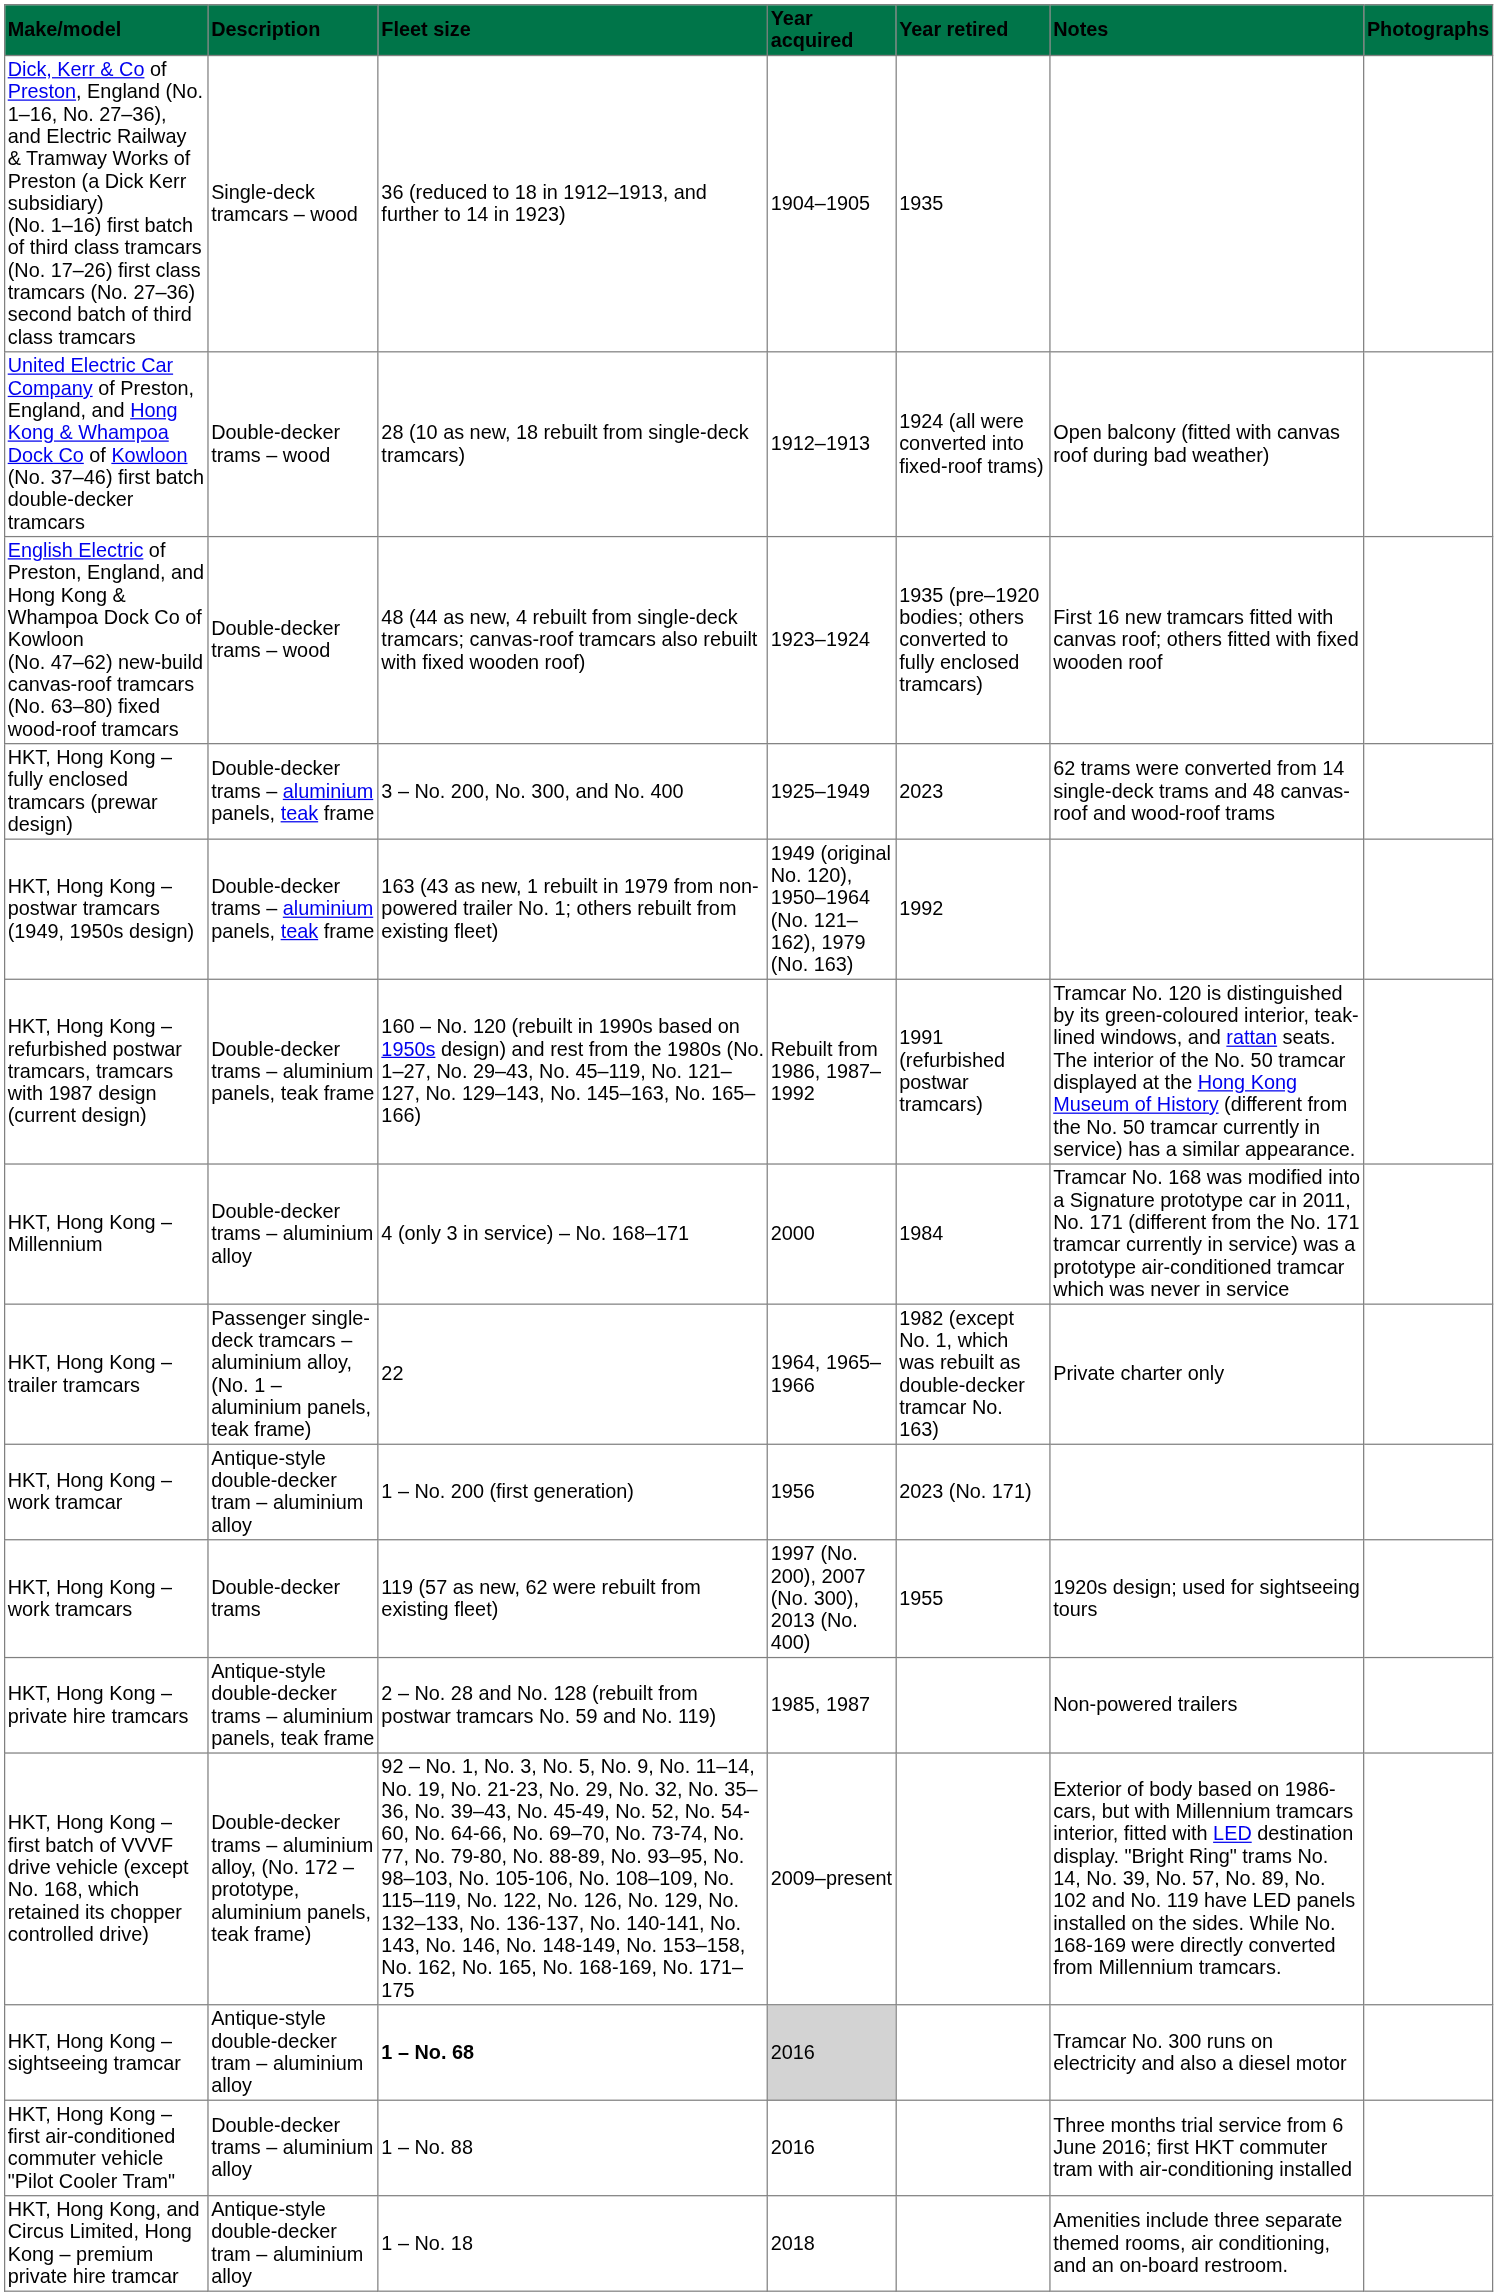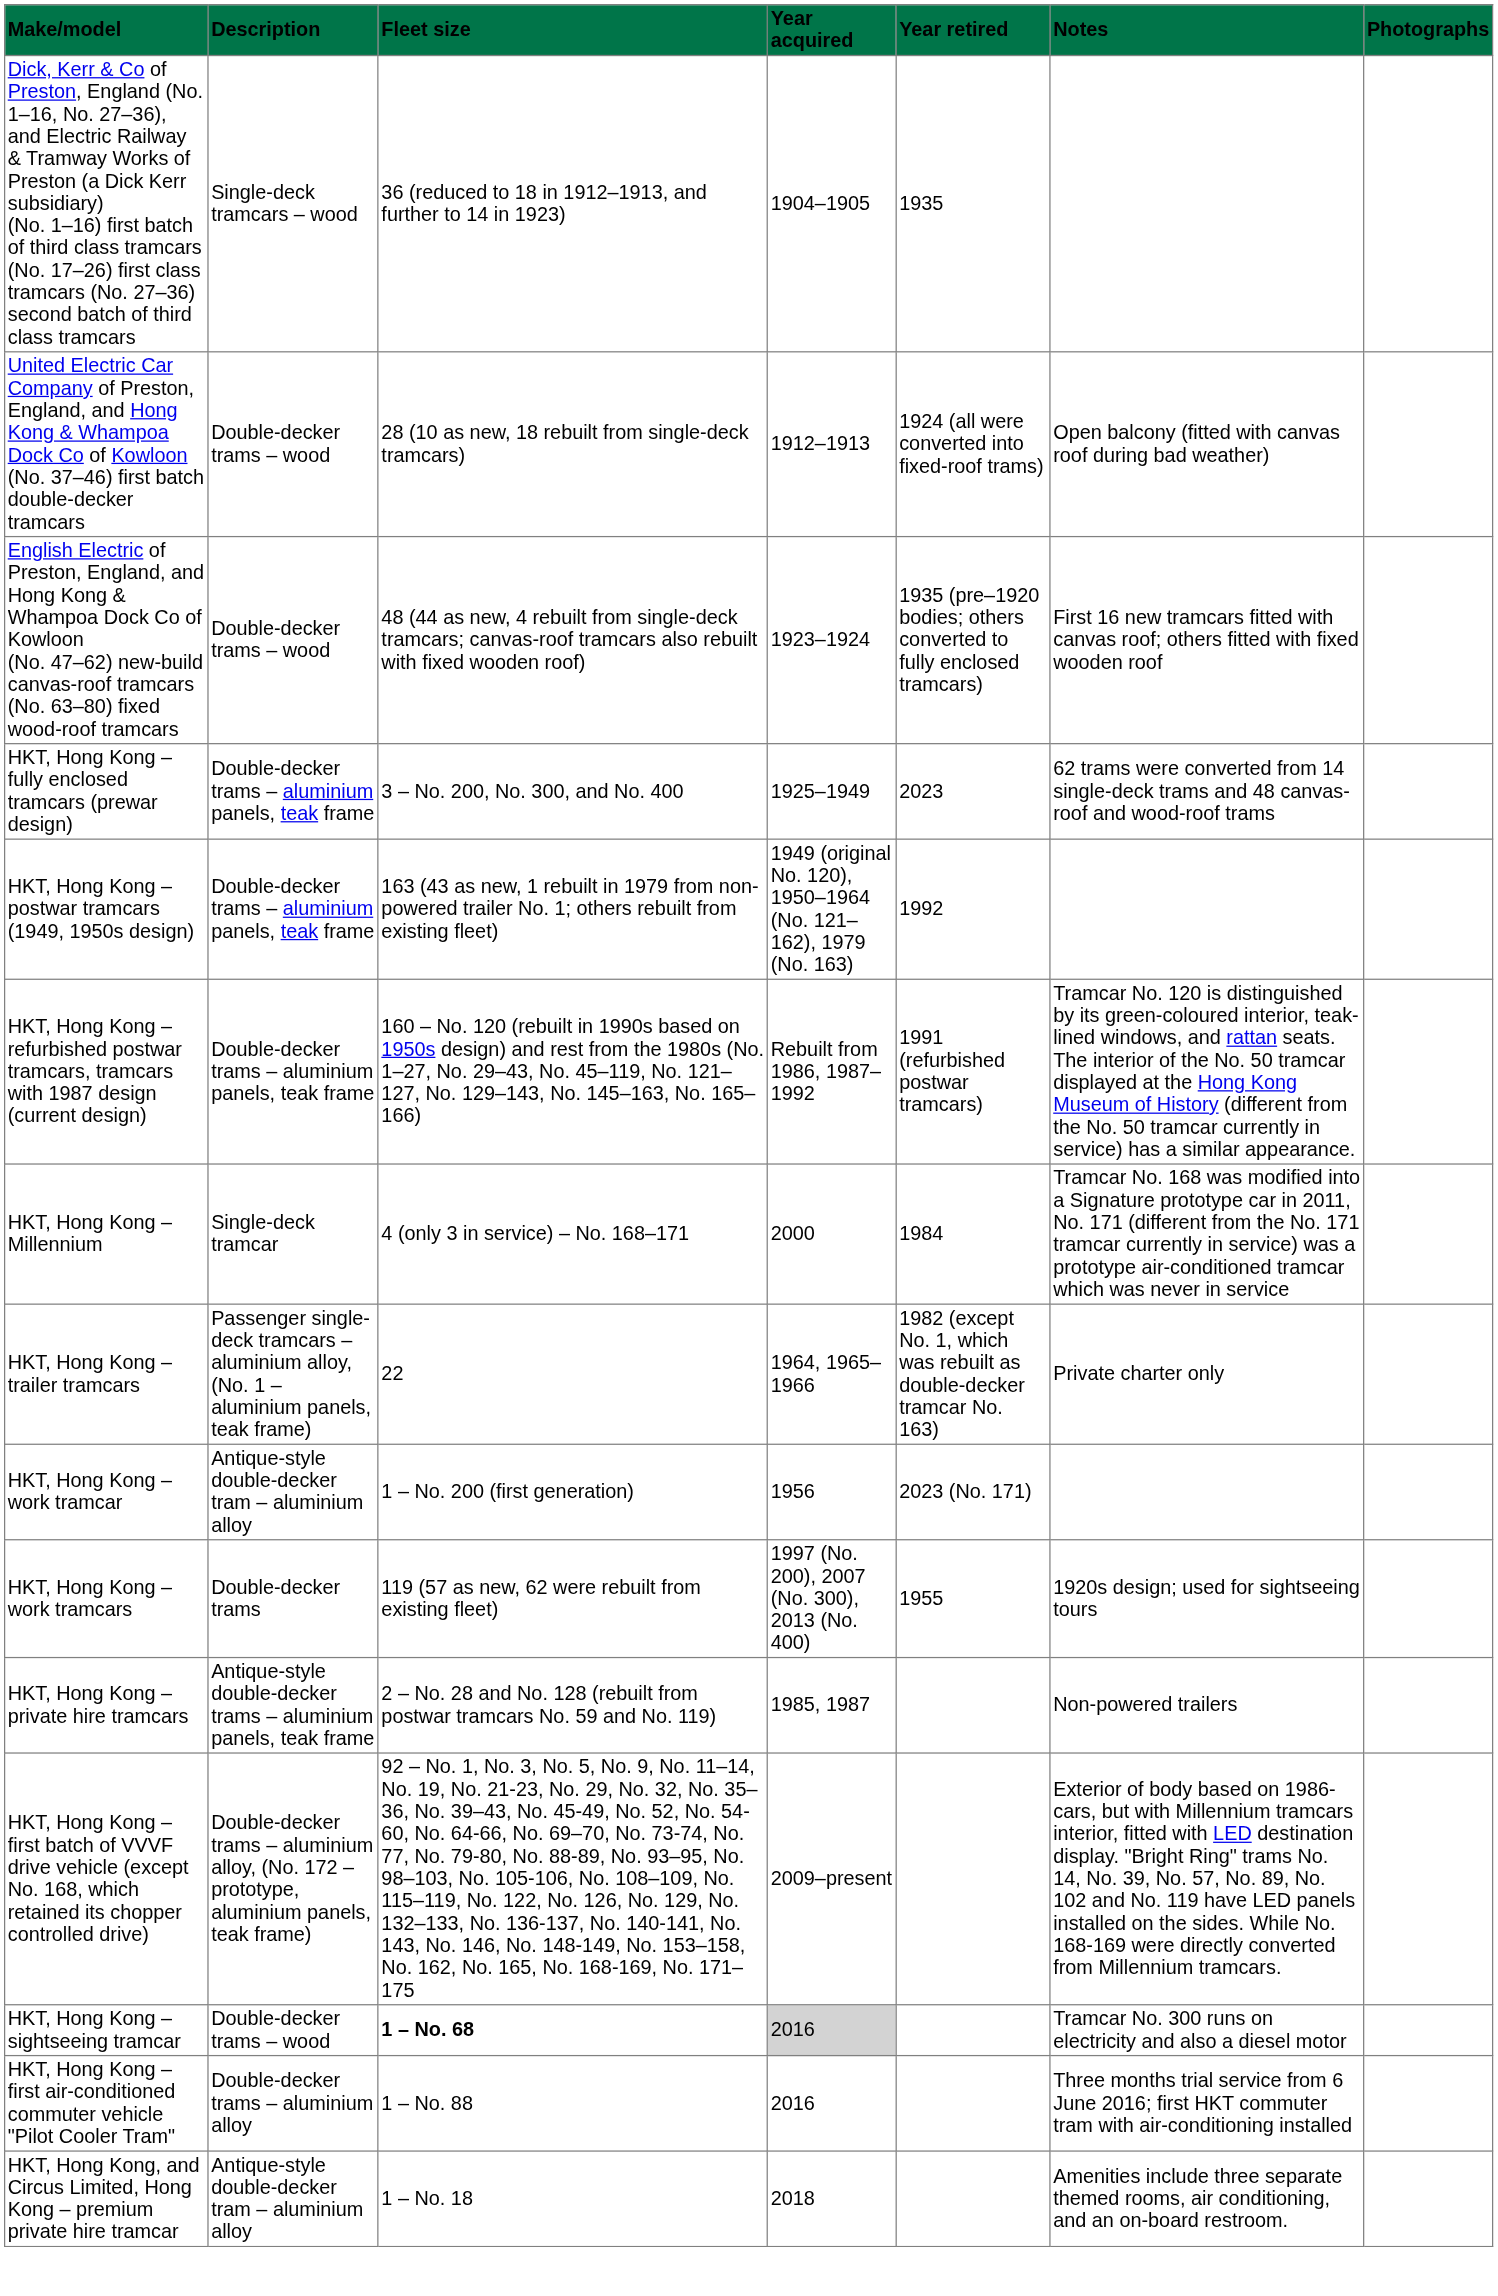 <table border="1" cellspacing="1" cellpadding="2" style="border-collapse:collapse;width:95%">
 <tr style="background:#007549;">
 <td><strong><span>Make/model</span></strong></td>
 <td><strong><span>Description</span></strong></td>
 <td><strong><span>Fleet size</span></strong></td>
 <td><strong><span>Year acquired</span></strong></td>
 <td><strong><span>Year retired</span></strong></td>
 <td><strong><span>Notes</span></strong></td>
 <td><strong><span>Photographs</span></strong></td>
 </tr>
 <tr>
 <td><a href='#'>Dick, Kerr & Co</a> of <a href='#'>Preston</a>, England (No. 1–16, No. 27–36), and Electric Railway & Tramway Works of Preston (a Dick Kerr subsidiary)<br>(No. 1–16) first batch of third class tramcars (No. 17–26) first class tramcars (No. 27–36) second batch of third class tramcars</td>
 <td>Single-deck tramcars – wood</td>
 <td>36 (reduced to 18 in 1912–1913, and further to 14 in 1923)</td>
 <td>1904–1905</td>
 <td>1935</td>
 <td></td>
 <td></td>
 </tr>
 <tr>
 <td><a href='#'>United Electric Car Company</a> of Preston, England, and <a href='#'>Hong Kong & Whampoa Dock Co</a> of <a href='#'>Kowloon</a><br>(No. 37–46) first batch double-decker tramcars</td>
 <td>Double-decker trams – wood</td>
 <td>28 (10 as new, 18 rebuilt from single-deck tramcars)</td>
 <td>1912–1913</td>
 <td>1924 (all were converted into fixed-roof trams)</td>
 <td>Open balcony (fitted with canvas roof during bad weather)</td>
 <td></td>
 </tr>
 <tr>
 <td><a href='#'>English Electric</a> of Preston, England, and Hong Kong & Whampoa Dock Co of Kowloon<br>(No. 47–62) new-build canvas-roof tramcars (No. 63–80) fixed wood-roof tramcars</td>
 <td>Double-decker trams – wood</td>
 <td>48 (44 as new, 4 rebuilt from single-deck tramcars; canvas-roof tramcars also rebuilt with fixed wooden roof)</td>
 <td>1923–1924</td>
 <td>1935 (pre–1920 bodies; others converted to fully enclosed tramcars)</td>
 <td>First 16 new tramcars fitted with canvas roof; others fitted with fixed wooden roof</td>
 <td></td>
 </tr>
 <tr>
 <td>HKT, Hong Kong – fully enclosed tramcars (prewar design)</td>
 <td>Double-decker trams – <a href='#'>aluminium</a> panels, <a href='#'>teak</a> frame</td>
 <td>3 – No. 200, No. 300, and No. 400</td>
 <td>1925–1949</td>
 <td>2023</td>
 <td>62 trams were converted from 14 single-deck trams and 48 canvas-roof and wood-roof trams</td>
 <td></td>
 </tr>
 <tr>
 <td>HKT, Hong Kong – postwar tramcars (1949, 1950s design)</td>
 <td>Double-decker trams – <a href='#'>aluminium</a> panels, <a href='#'>teak</a> frame</td>
 <td>163 (43 as new, 1 rebuilt in 1979 from non-powered trailer No. 1; others rebuilt from existing fleet)</td>
 <td>1949 (original No. 120), 1950–1964 (No. 121–162), 1979 (No. 163)</td>
 <td>1992</td>
 <td></td>
 <td></td>
 </tr>
 <tr>
 <td>HKT, Hong Kong – refurbished postwar tramcars, tramcars with 1987 design (current design)</td>
 <td>Double-decker trams – aluminium panels, teak frame</td>
 <td>160 – No. 120 (rebuilt in 1990s based on <a href='#'>1950s</a> design) and rest from the 1980s (No. 1–27, No. 29–43, No. 45–119, No. 121–127, No. 129–143, No. 145–163, No. 165–166)</td>
 <td>Rebuilt from 1986, 1987–1992</td>
 <td>1991 (refurbished postwar tramcars)</td>
 <td>Tramcar No. 120 is distinguished by its green-coloured interior, teak-lined windows, and <a href='#'>rattan</a> seats. The interior of the No. 50 tramcar displayed at the <a href='#'>Hong Kong Museum of History</a> (different from the No. 50 tramcar currently in service) has a similar appearance.</td>
 <td></td>
 </tr>
 <tr>
 <td>HKT, Hong Kong – Millennium</td>
-<td>Double-decker trams – aluminium alloy</td>
+<td>Single-deck tramcar</td>
 <td>4 (only 3 in service) – No. 168–171</td>
 <td>2000</td>
 <td>1984</td>
 <td>Tramcar No. 168 was modified into a Signature prototype car in 2011, No. 171 (different from the No. 171 tramcar currently in service) was a prototype air-conditioned tramcar which was never in service</td>
 <td></td>
 </tr>
 <tr>
 <td>HKT, Hong Kong – trailer tramcars</td>
 <td>Passenger single-deck tramcars – aluminium alloy, (No. 1 – aluminium panels, teak frame)</td>
 <td>22</td>
 <td>1964, 1965–1966</td>
 <td>1982 (except No. 1, which was rebuilt as double-decker tramcar No. 163)</td>
 <td>Private charter only</td>
 <td></td>
 </tr>
 <tr>
 <td>HKT, Hong Kong – work tramcar</td>
 <td>Antique-style double-decker tram – aluminium alloy</td>
 <td>1 – No. 200 (first generation)</td>
 <td>1956</td>
 <td>2023 (No. 171)</td>
 <td></td>
 <td></td>
 </tr>
 <tr>
 <td>HKT, Hong Kong – work tramcars</td>
 <td>Double-decker trams</td>
 <td>119 (57 as new, 62 were rebuilt from existing fleet)</td>
 <td>1997 (No. 200), 2007 (No. 300), 2013 (No. 400)</td>
 <td>1955</td>
 <td>1920s design; used for sightseeing tours</td>
 <td></td>
 </tr>
 <tr>
 <td>HKT, Hong Kong – private hire tramcars</td>
 <td>Antique-style double-decker trams – aluminium panels, teak frame</td>
 <td>2 – No. 28 and No. 128 (rebuilt from postwar tramcars No. 59 and No. 119)</td>
 <td>1985, 1987</td>
 <td></td>
 <td>Non-powered trailers</td>
 <td></td>
 </tr>
 <tr>
 <td>HKT, Hong Kong – first batch of VVVF drive vehicle (except No. 168, which retained its chopper controlled drive)</td>
 <td>Double-decker trams – aluminium alloy, (No. 172 – prototype, aluminium panels, teak frame)</td>
 <td>92 – No. 1, No. 3, No. 5, No. 9, No. 11–14, No. 19, No. 21-23, No. 29, No. 32, No. 35–36, No. 39–43, No. 45-49, No. 52, No. 54-60, No. 64-66, No. 69–70, No. 73-74, No. 77, No. 79-80, No. 88-89, No. 93–95, No. 98–103, No. 105-106, No. 108–109, No. 115–119, No. 122, No. 126, No. 129, No. 132–133, No. 136-137, No. 140-141, No. 143, No. 146, No. 148-149, No. 153–158, No. 162, No. 165, No. 168-169, No. 171–175</td>
 <td>2009–present</td>
 <td></td>
 <td>Exterior of body based on 1986-cars, but with Millennium tramcars interior, fitted with <a href='#'>LED</a> destination display. "Bright Ring" trams No. 14, No. 39, No. 57, No. 89, No. 102 and No. 119 have LED panels installed on the sides. While No. 168-169 were directly converted from Millennium tramcars.</td>
 <td></td>
 </tr>
 <tr>
 <td>HKT, Hong Kong – sightseeing tramcar</td>
-<td>Antique-style double-decker tram – aluminium alloy</td>
+<td>Double-decker trams – wood</td>
 <td><strong>1 – No. 68</strong></td>
 <td style="background: lightgrey;">2016</td>
 <td></td>
 <td>Tramcar No. 300 runs on electricity and also a diesel motor</td>
 <td></td>
 </tr>
 <tr>
 <td>HKT, Hong Kong – first air-conditioned commuter vehicle "Pilot Cooler Tram"</td>
 <td>Double-decker trams – aluminium alloy</td>
 <td>1 – No. 88</td>
 <td>2016</td>
 <td></td>
 <td>Three months trial service from 6 June 2016; first HKT commuter tram with air-conditioning installed</td>
 <td></td>
 </tr>
 <tr>
 <td>HKT, Hong Kong, and Circus Limited, Hong Kong – premium private hire tramcar</td>
 <td>Antique-style double-decker tram – aluminium alloy</td>
 <td>1 – No. 18</td>
 <td>2018</td>
 <td></td>
 <td>Amenities include three separate themed rooms, air conditioning, and an on-board restroom.</td>
 <td></td>
 </tr>
 </table>
